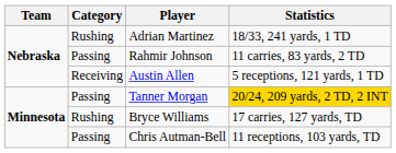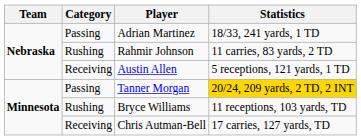 <table class="wikitable" style="float: right;">
 <tr>
 <th>Team</th>
 <th>Category</th>
 <th>Player</th>
 <th>Statistics</th>
 </tr>
 <tr>
 <td rowspan=3><strong>Nebraska</strong></td>
-<td>Rushing</td>
+<td>Passing</td>
 <td>Adrian Martinez</td>
 <td>18/33, 241 yards, 1 TD</td>
 </tr>
 <tr>
-<td>Passing</td>
+<td>Rushing</td>
 <td>Rahmir Johnson</td>
 <td>11 carries, 83 yards, 2 TD</td>
 </tr>
 <tr>
 <td>Receiving</td>
 <td><a href='#'>Austin Allen</a></td>
 <td>5 receptions, 121 yards, 1 TD</td>
 </tr>
 <tr>
 <td rowspan=3><strong>Minnesota</strong></td>
 <td>Passing</td>
 <td><a href='#'>Tanner Morgan</a></td>
 <td style="background: gold;">20/24, 209 yards, 2 TD, 2 INT</td>
 </tr>
 <tr>
 <td>Rushing</td>
 <td>Bryce Williams</td>
+<td>11 receptions, 103 yards, TD</td>
+</tr>
+<tr>
+<td>Receiving</td>
+<td>Chris Autman-Bell</td>
 <td>17 carries, 127 yards, TD</td>
 </tr>
-<tr>
-<td>Passing</td>
-<td>Chris Autman-Bell</td>
-<td>11 receptions, 103 yards, TD</td>
-</tr>
 </table>
